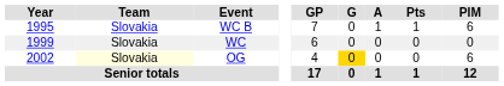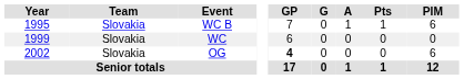 <table border="0" cellpadding="1" cellspacing="0" style="text-align:center; width:40em">
 <tr ALIGN="center" bgcolor="#e0e0e0">
 <th>Year</th>
 <th>Team</th>
 <th>Event</th>
 <th rowspan="99" bgcolor="#ffffff"> </th>
 <th>GP</th>
 <th>G</th>
 <th>A</th>
 <th>Pts</th>
 <th>PIM</th>
 </tr>
 <tr>
 <td><a href='#'>1995</a></td>
 <td><a href='#'>Slovakia</a></td>
 <td><a href='#'>WC B</a></td>
 <td>7</td>
 <td>0</td>
 <td>1</td>
 <td>1</td>
 <td>6</td>
 </tr>
 <tr bgcolor="#f0f0f0">
 <td><a href='#'>1999</a></td>
 <td>Slovakia</td>
 <td><a href='#'>WC</a></td>
 <td>6</td>
 <td>0</td>
 <td>0</td>
 <td>0</td>
 <td>0</td>
 </tr>
 <tr>
 <td><a href='#'>2002</a></td>
-<td style="background: lightyellow;">Slovakia</td>
+<td>Slovakia</td>
 <td><a href='#'>OG</a></td>
-<td>4</td>
-<td style="background: gold;">0</td>
+<td><strong>4</strong></td>
+<td>0</td>
 <td>0</td>
 <td>0</td>
 <td>6</td>
 </tr>
 <tr bgcolor="#e0e0e0">
 <th colspan=3>Senior totals</th>
 <th>17</th>
 <th>0</th>
 <th>1</th>
 <th>1</th>
 <th>12</th>
 </tr>
 </table>
